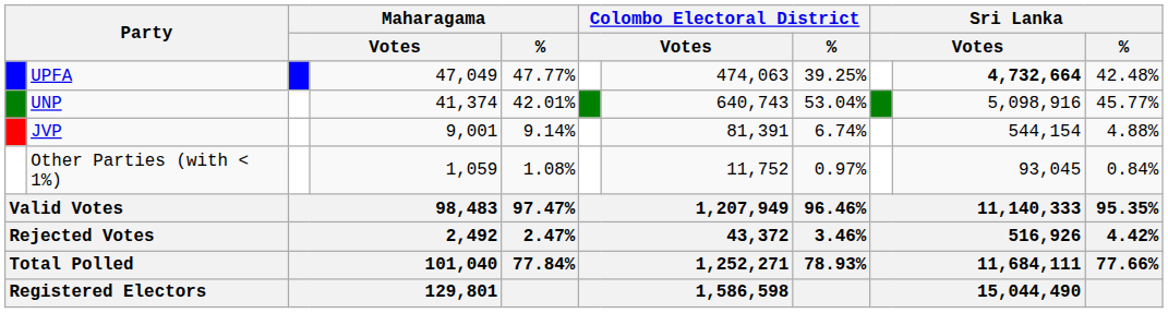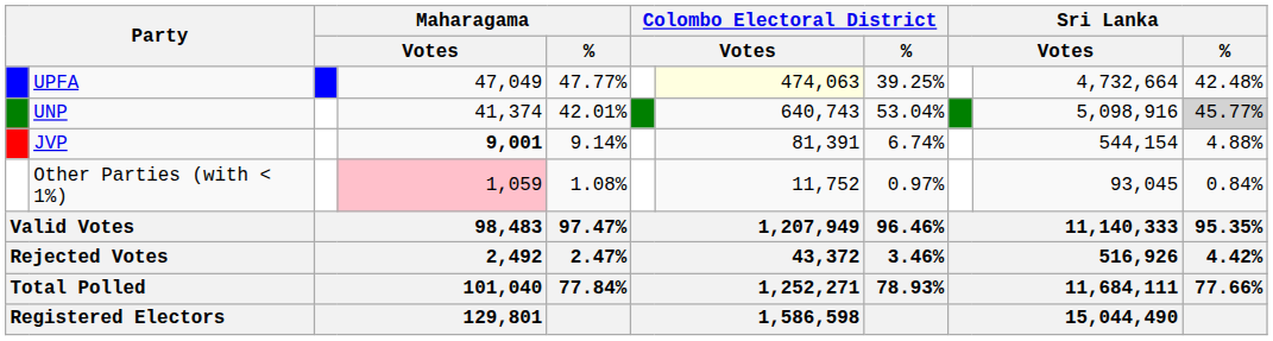 <table class="wikitable">
 <tr>
 <th colspan="2" width="144px"rowspan="2">Party</th>
 <th colspan="3" width="216px">Maharagama</th>
 <th colspan="3" width="216px"><a href='#'>Colombo Electoral District</a></th>
 <th colspan="3" width="216px">Sri Lanka</th>
 </tr>
 <tr>
 <th colspan="2" width="144px">Votes</th>
 <th>%</th>
 <th colspan="2" width="144px">Votes</th>
 <th>%</th>
 <th colspan="2" width="144px">Votes</th>
 <th>%</th>
 </tr>
 <tr>
 <td style="background-color:blue;" width="10px"></td>
 <td style="text-align:left;"><a href='#'>UPFA</a></td>
 <td style="background-color:blue;" width="10px"></td>
 <td style="text-align:right;">47,049</td>
 <td style="text-align:right;">47.77%</td>
 <td style="background-color:white;" width="10px"></td>
-<td style="text-align:right;">474,063</td>
+<td style="background: lightyellow; text-align:right;">474,063</td>
 <td style="text-align:right;">39.25%</td>
 <td style="background-color:white;" width="10px"></td>
-<td style="text-align:right;"><strong>4,732,664</strong></td>
+<td style="text-align:right;">4,732,664</td>
 <td style="text-align:right;">42.48%</td>
 </tr>
 <tr>
 <td style="background-color:green;" width="10px"></td>
 <td style="text-align:left;"><a href='#'>UNP</a></td>
 <td style="background-color:white;" width="10px"></td>
 <td style="text-align:right;">41,374</td>
 <td style="text-align:right;">42.01%</td>
 <td style="background-color:green;" width="10px"></td>
 <td style="text-align:right;">640,743</td>
 <td style="text-align:right;">53.04%</td>
 <td style="background-color:green;" width="10px"></td>
 <td style="text-align:right;">5,098,916</td>
-<td style="text-align:right;">45.77%</td>
+<td style="background: lightgrey; text-align:right;">45.77%</td>
 </tr>
 <tr>
 <td style="background-color:red;" width="10px"></td>
 <td style="text-align:left;"><a href='#'>JVP</a></td>
 <td style="background-color:white;" width="10px"></td>
-<td style="text-align:right;">9,001</td>
+<td style="text-align:right;"><strong>9,001</strong></td>
 <td style="text-align:right;">9.14%</td>
 <td style="background-color:white;" width="10px"></td>
 <td style="text-align:right;">81,391</td>
 <td style="text-align:right;">6.74%</td>
 <td style="background-color:white;" width="10px"></td>
 <td style="text-align:right;">544,154</td>
 <td style="text-align:right;">4.88%</td>
 </tr>
 <tr>
 <td style="background-color:white;" width="10px"></td>
 <td style="text-align:left;">Other Parties (with < 1%)</td>
 <td style="background-color:white;" width="10px"></td>
-<td style="text-align:right;">1,059</td>
+<td style="background: pink; text-align:right;">1,059</td>
 <td style="text-align:right;">1.08%</td>
 <td style="background-color:white;" width="10px"></td>
 <td style="text-align:right;">11,752</td>
 <td style="text-align:right;">0.97%</td>
 <td style="background-color:white;" width="10px"></td>
 <td style="text-align:right;">93,045</td>
 <td style="text-align:right;">0.84%</td>
 </tr>
 <tr>
 <th colspan="2" width="144px"style="text-align:left;">Valid Votes</th>
 <th style="text-align:right;"colspan="2" width="144px">98,483</th>
 <th style="text-align:right;">97.47%</th>
 <th style="text-align:right;"colspan="2" width="144px">1,207,949</th>
 <th style="text-align:right;">96.46%</th>
 <th style="text-align:right;"colspan="2" width="144px">11,140,333</th>
 <th style="text-align:right;">95.35%</th>
 </tr>
 <tr>
 <th colspan="2" width="144px"style="text-align:left;">Rejected Votes</th>
 <th style="text-align:right;"colspan="2" width="144px">2,492</th>
 <th style="text-align:right;">2.47%</th>
 <th style="text-align:right;"colspan="2" width="144px">43,372</th>
 <th style="text-align:right;">3.46%</th>
 <th style="text-align:right;"colspan="2" width="144px">516,926</th>
 <th style="text-align:right;">4.42%</th>
 </tr>
 <tr>
 <th colspan="2" width="144px"style="text-align:left;">Total Polled</th>
 <th style="text-align:right;"colspan="2" width="144px">101,040</th>
 <th style="text-align:right;">77.84%</th>
 <th style="text-align:right;"colspan="2" width="144px">1,252,271</th>
 <th style="text-align:right;">78.93%</th>
 <th style="text-align:right;"colspan="2" width="144px">11,684,111</th>
 <th style="text-align:right;">77.66%</th>
 </tr>
 <tr>
 <th colspan="2" width="144px"style="text-align:left;">Registered Electors</th>
 <th style="text-align:right;"colspan="2" width="144px">129,801</th>
 <th></th>
 <th style="text-align:right;"colspan="2" width="144px">1,586,598</th>
 <th></th>
 <th style="text-align:right;"colspan="2" width="144px">15,044,490</th>
 <th></th>
 </tr>
 </table>
